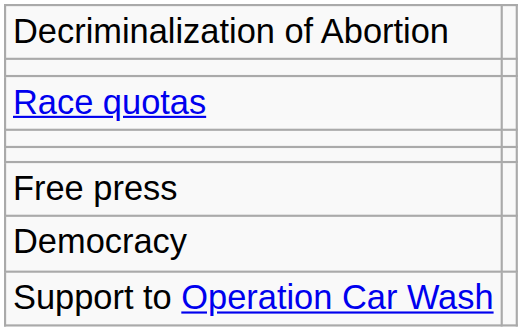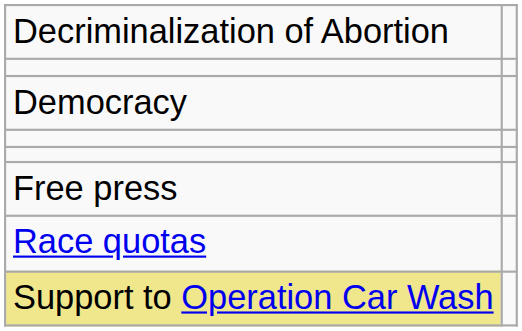 <table class = "wikitable">
 <tr>
 <td>Decriminalization of Abortion</td>
 <td></td>
 </tr>
 <tr>
 <td></td>
 <td></td>
 </tr>
 <tr>
-<td><a href='#'>Race quotas</a></td>
+<td>Democracy</td>
 <td></td>
 </tr>
 <tr>
 <td></td>
 <td></td>
 </tr>
 <tr>
 <td></td>
 <td></td>
 </tr>
 <tr>
 <td>Free press</td>
 <td></td>
 </tr>
 <tr>
-<td>Democracy</td>
+<td><a href='#'>Race quotas</a></td>
 <td></td>
 </tr>
 <tr>
-<td>Support to <a href='#'>Operation Car Wash</a></td>
+<td style="background: khaki;">Support to <a href='#'>Operation Car Wash</a></td>
 <td></td>
 </tr>
 </table>
